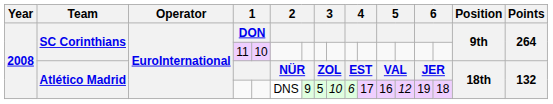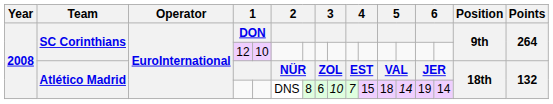 <table class="wikitable" style="text-align:center; font-size:85%">
 <tr>
 <th>Year</th>
 <th>Team</th>
 <th>Operator</th>
 <th colspan=2>1</th>
 <th colspan=2>2</th>
 <th colspan=2>3</th>
 <th colspan=2>4</th>
 <th colspan=2>5</th>
 <th colspan=2>6</th>
 <th>Position</th>
 <th>Points</th>
 </tr>
 <tr>
 <th rowspan=4><a href='#'>2008</a></th>
 <th rowspan=2 nowrap><a href='#'>SC Corinthians</a></th>
 <th rowspan=4 nowrap><a href='#'>EuroInternational</a></th>
 <th colspan=2><a href='#'>DON</a></th>
 <th colspan=2></th>
 <th colspan=2></th>
 <th colspan=2></th>
 <th colspan=2></th>
 <th colspan=2></th>
 <th rowspan=2>9th</th>
 <th rowspan=2>264</th>
 </tr>
 <tr>
-<td style="background:#efcfff;">11</td>
+<td style="background:#efcfff;">12</td>
 <td style="background:#efcfff;">10</td>
 <td></td>
 <td></td>
 <td></td>
 <td></td>
 <td></td>
 <td></td>
 <td></td>
 <td></td>
 <td></td>
 <td></td>
 </tr>
 <tr>
 <th rowspan=2 nowrap><a href='#'>Atlético Madrid</a></th>
 <th colspan=2></th>
 <th colspan=2><a href='#'>NÜR</a></th>
 <th colspan=2><a href='#'>ZOL</a></th>
 <th colspan=2><a href='#'>EST</a></th>
 <th colspan=2><a href='#'>VAL</a></th>
 <th colspan=2><a href='#'>JER</a></th>
 <th rowspan=2>18th</th>
 <th rowspan=2>132</th>
 </tr>
 <tr>
 <td></td>
 <td></td>
 <td style="background:#ffffff;">DNS</td>
-<td style="background:#dfffdf;">9</td>
-<td style="background:#dfffdf;">5</td>
+<td style="background:#dfffdf;">8</td>
+<td style="background:#dfffdf;">6</td>
 <td style="background:#dfffdf;"><em>10</em></td>
-<td style="background:#dfffdf;"><em>6</em></td>
-<td style="background:#efcfff;">17</td>
-<td style="background:#efcfff;">16</td>
-<td style="background:#efcfff;"><em>12</em></td>
+<td style="background:#dfffdf;"><em>7</em></td>
+<td style="background:#efcfff;">15</td>
+<td style="background:#efcfff;">18</td>
+<td style="background:#efcfff;"><em>14</em></td>
 <td style="background:#efcfff;">19</td>
-<td style="background:#efcfff;">18</td>
+<td style="background:#efcfff;">14</td>
 </tr>
 </table>
